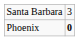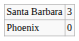 <table class="wikitable">
 <tr>
 <td>Santa Barbara</td>
 <td>3</td>
 </tr>
 <tr>
 <td>Phoenix</td>
-<td><strong>0</strong></td>
+<td>0</td>
 </tr>
 </table>
